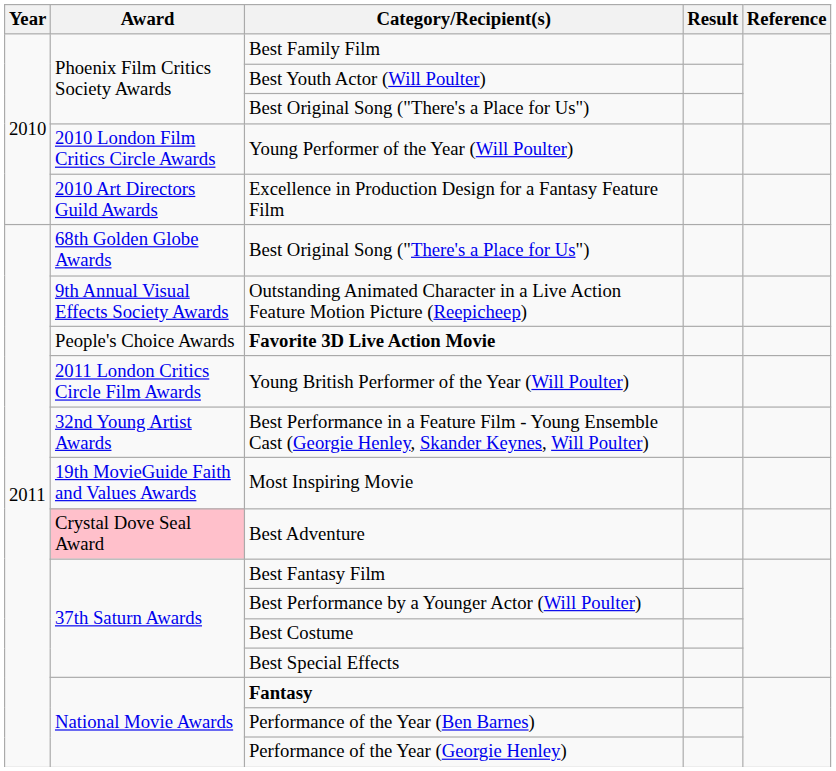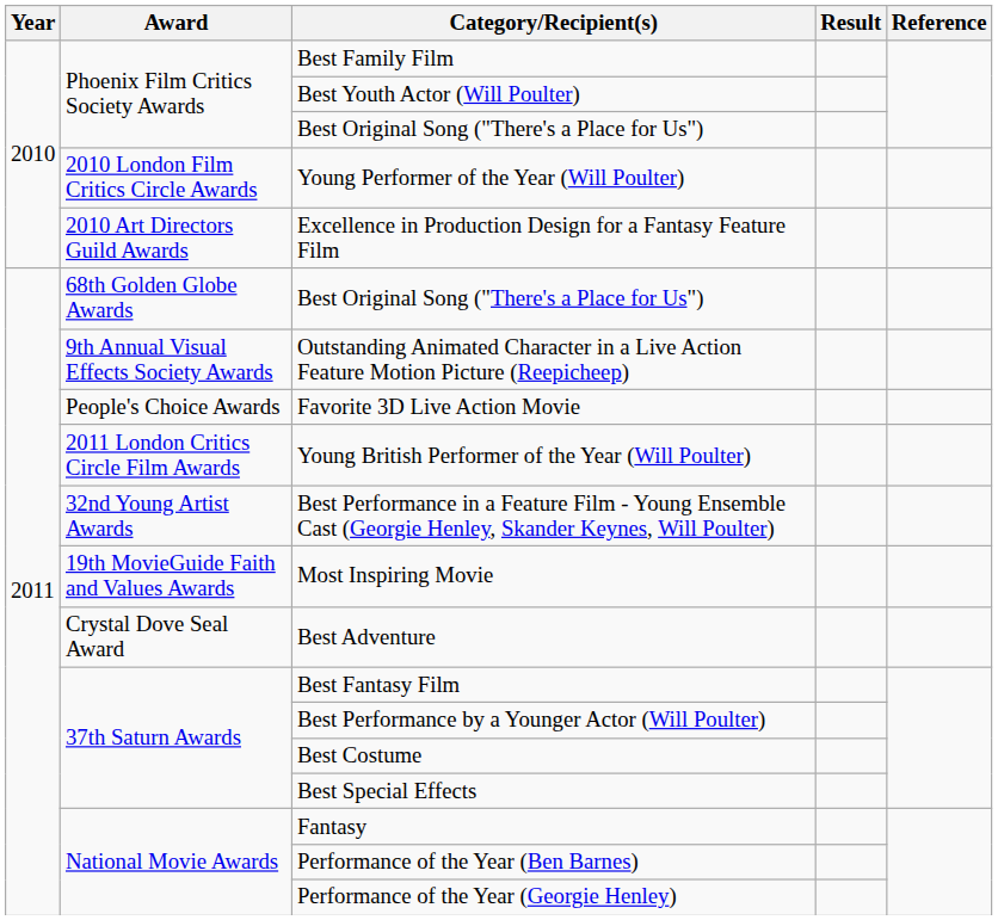 <table class="wikitable" style="width:80%;">
 <tr>
 <th>Year</th>
 <th>Award</th>
 <th>Category/Recipient(s)</th>
 <th>Result</th>
 <th>Reference</th>
 </tr>
 <tr>
 <td rowspan="5">2010</td>
 <td rowspan="3">Phoenix Film Critics Society Awards</td>
 <td>Best Family Film</td>
 <td></td>
 <td rowspan="3" style="text-align:center;"></td>
 </tr>
 <tr>
 <td>Best Youth Actor (<a href='#'>Will Poulter</a>)</td>
 <td></td>
 </tr>
 <tr>
 <td>Best Original Song ("There's a Place for Us")</td>
 <td></td>
 </tr>
 <tr>
 <td><a href='#'>2010 London Film Critics Circle Awards</a></td>
 <td>Young Performer of the Year (<a href='#'>Will Poulter</a>)</td>
 <td></td>
 <td style="text-align:center;"></td>
 </tr>
 <tr>
 <td><a href='#'>2010 Art Directors Guild Awards</a></td>
 <td>Excellence in Production Design for a Fantasy Feature Film</td>
 <td></td>
 <td style="text-align:center;"></td>
 </tr>
 <tr>
 <td rowspan="14">2011</td>
 <td><a href='#'>68th Golden Globe Awards</a></td>
 <td>Best Original Song ("<a href='#'>There's a Place for Us</a>")</td>
 <td></td>
 <td style="text-align:center;"></td>
 </tr>
 <tr>
 <td><a href='#'>9th Annual Visual Effects Society Awards</a></td>
 <td>Outstanding Animated Character in a Live Action Feature Motion Picture (<a href='#'>Reepicheep</a>)</td>
 <td></td>
 <td style="text-align:center;"></td>
 </tr>
 <tr>
 <td>People's Choice Awards</td>
-<td><strong>Favorite 3D Live Action Movie</strong></td>
+<td>Favorite 3D Live Action Movie</td>
 <td></td>
 <td style="text-align:center;"></td>
 </tr>
 <tr>
 <td><a href='#'>2011 London Critics Circle Film Awards</a></td>
 <td>Young British Performer of the Year (<a href='#'>Will Poulter</a>)</td>
 <td></td>
 <td style="text-align:center;"></td>
 </tr>
 <tr>
 <td><a href='#'>32nd Young Artist Awards</a></td>
 <td>Best Performance in a Feature Film - Young Ensemble Cast (<a href='#'>Georgie Henley</a>, <a href='#'>Skander Keynes</a>, <a href='#'>Will Poulter</a>)</td>
 <td></td>
 <td style="text-align:center;"></td>
 </tr>
 <tr>
 <td><a href='#'>19th MovieGuide Faith and Values Awards</a></td>
 <td>Most Inspiring Movie</td>
 <td></td>
 <td style="text-align:center;"></td>
 </tr>
 <tr>
-<td style="background: pink;">Crystal Dove Seal Award</td>
+<td>Crystal Dove Seal Award</td>
 <td>Best Adventure</td>
 <td></td>
 <td style="text-align:center;"></td>
 </tr>
 <tr>
 <td rowspan="4"><a href='#'>37th Saturn Awards</a></td>
 <td>Best Fantasy Film</td>
 <td></td>
 <td rowspan="4" style="text-align:center;"></td>
 </tr>
 <tr>
 <td>Best Performance by a Younger Actor (<a href='#'>Will Poulter</a>)</td>
 <td></td>
 </tr>
 <tr>
 <td>Best Costume</td>
 <td></td>
 </tr>
 <tr>
 <td>Best Special Effects</td>
 <td></td>
 </tr>
 <tr>
 <td rowspan="3"><a href='#'>National Movie Awards</a></td>
-<td><strong>Fantasy</strong></td>
+<td>Fantasy</td>
 <td></td>
 <td rowspan="3" style="text-align:center;"></td>
 </tr>
 <tr>
 <td>Performance of the Year (<a href='#'>Ben Barnes</a>)</td>
 <td></td>
 </tr>
 <tr>
 <td>Performance of the Year (<a href='#'>Georgie Henley</a>)</td>
 <td></td>
 </tr>
 </table>
